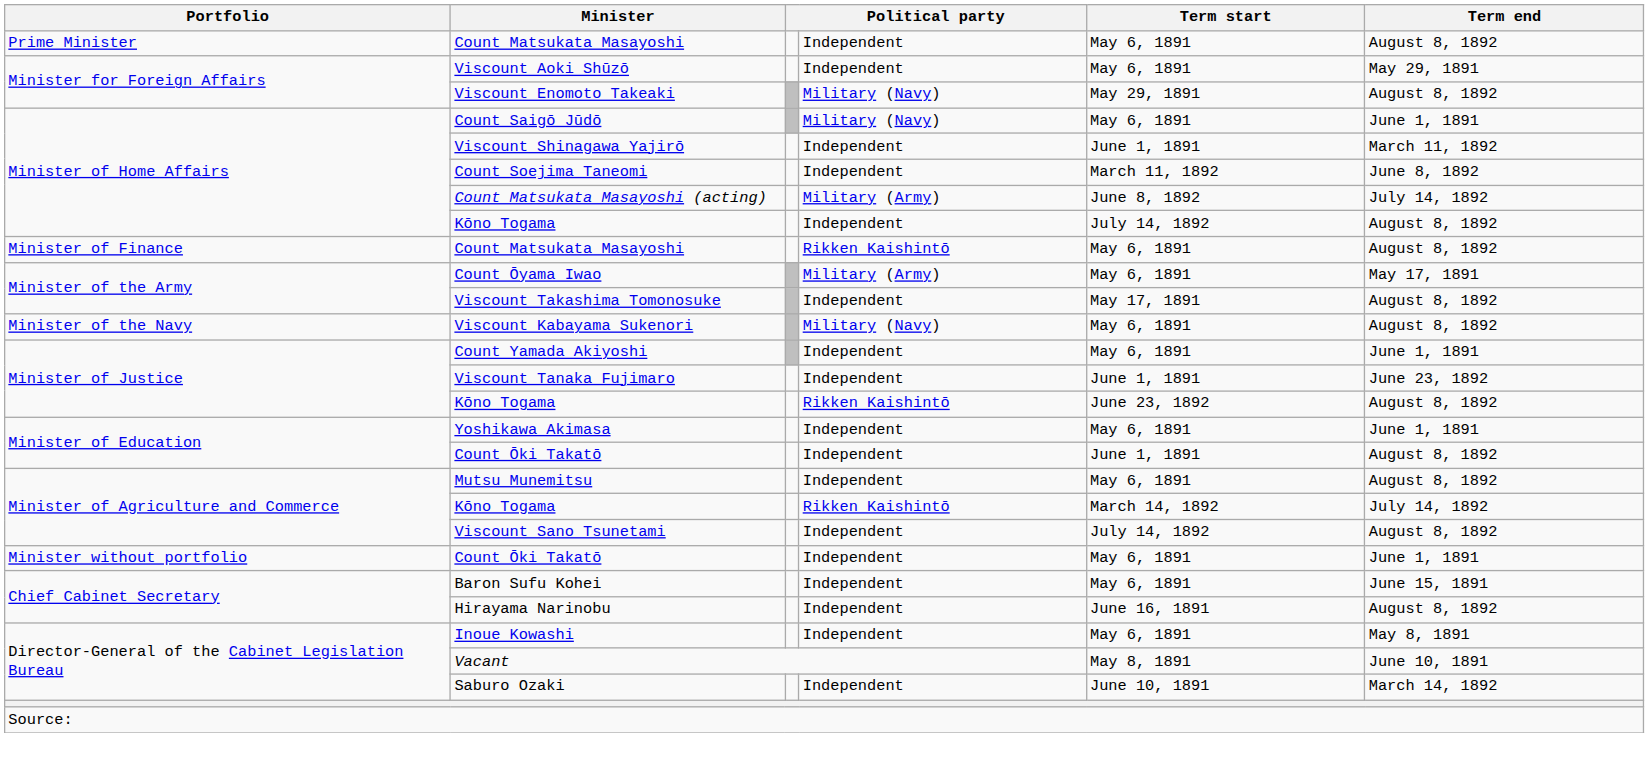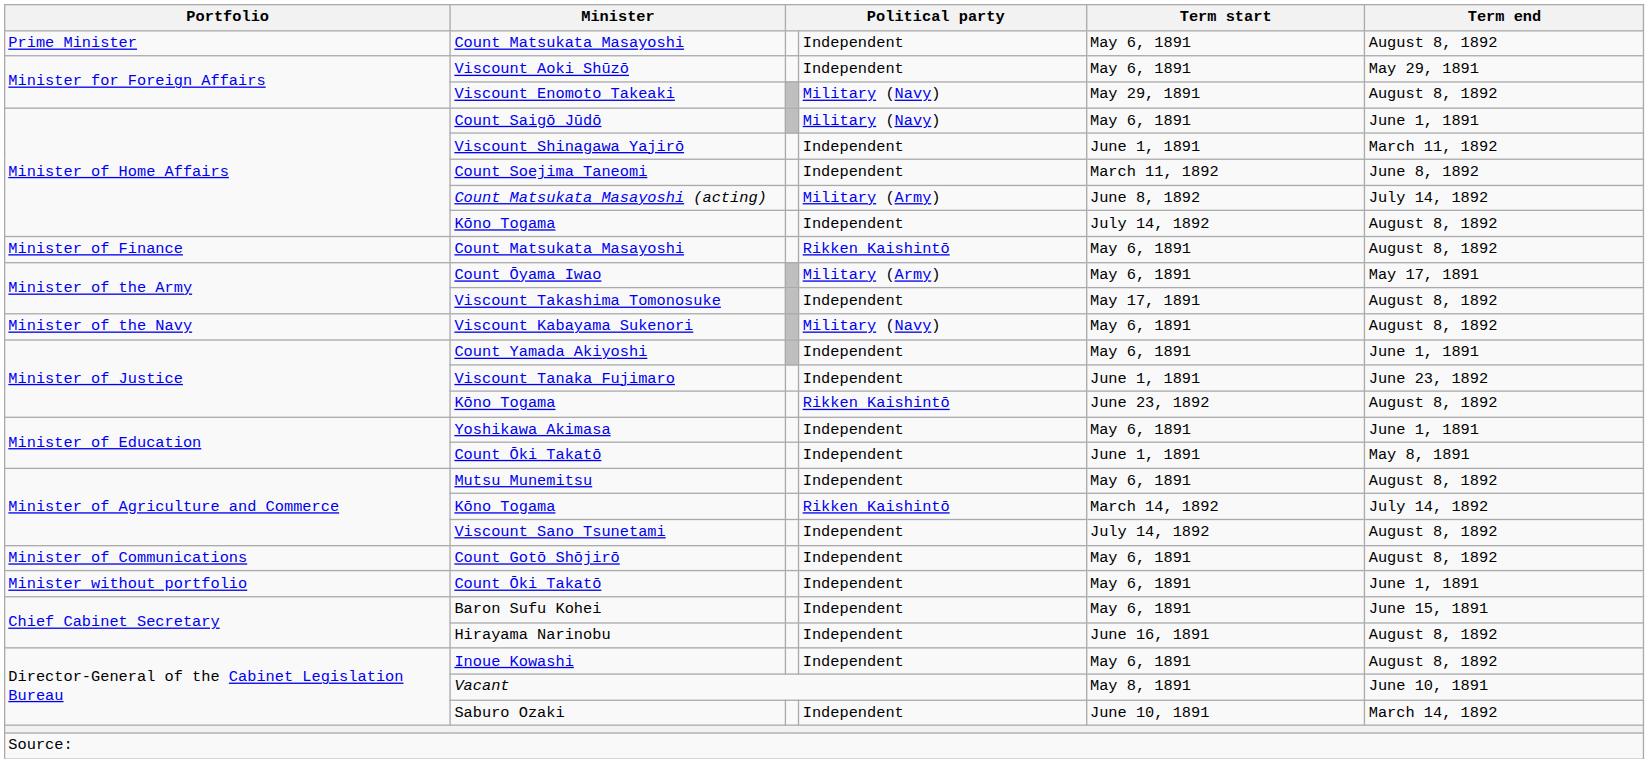 <table class="wikitable" style="font-size: 90%;">
 <tr>
 <th width="20%" scope="col">Portfolio</th>
 <th width="15%" scope="col">Minister</th>
 <th colspan="2" width="13.5%" scope="col">Political party</th>
 <th width="12.5%" scope="col">Term start</th>
 <th width="12.5%" scope="col">Term end</th>
 </tr>
 <tr>
 <td style="text-align: left;"><a href='#'>Prime Minister</a></td>
 <td><a href='#'>Count Matsukata Masayoshi</a></td>
 <td style="color:inherit;background:"></td>
 <td>Independent</td>
 <td>May 6, 1891</td>
 <td>August 8, 1892</td>
 </tr>
 <tr>
 <td rowspan="2"><a href='#'>Minister for Foreign Affairs</a></td>
 <td><a href='#'>Viscount Aoki Shūzō</a></td>
 <td style="color:inherit;background:"></td>
 <td>Independent</td>
 <td>May 6, 1891</td>
 <td>May 29, 1891</td>
 </tr>
 <tr>
 <td><a href='#'>Viscount Enomoto Takeaki</a></td>
 <td style="color:inherit;background:#bfbfbf"></td>
 <td><a href='#'>Military</a> (<a href='#'>Navy</a>)</td>
 <td>May 29, 1891</td>
 <td>August 8, 1892</td>
 </tr>
 <tr>
 <td rowspan="5"><a href='#'>Minister of Home Affairs</a></td>
 <td><a href='#'>Count Saigō Jūdō</a></td>
 <td style="color:inherit;background:#bfbfbf"></td>
 <td><a href='#'>Military</a> (<a href='#'>Navy</a>)</td>
 <td>May 6, 1891</td>
 <td>June 1, 1891</td>
 </tr>
 <tr>
 <td><a href='#'>Viscount Shinagawa Yajirō</a></td>
 <td style="color:inherit;background:"></td>
 <td>Independent</td>
 <td>June 1, 1891</td>
 <td>March 11, 1892</td>
 </tr>
 <tr>
 <td><a href='#'>Count Soejima Taneomi</a></td>
 <td style="color:inherit;background:"></td>
 <td>Independent</td>
 <td>March 11, 1892</td>
 <td>June 8, 1892</td>
 </tr>
 <tr>
 <td><em><a href='#'>Count Matsukata Masayoshi</a> (acting)</em></td>
 <td style="color:inherit;background:"></td>
 <td><a href='#'>Military</a> (<a href='#'>Army</a>)</td>
 <td>June 8, 1892</td>
 <td>July 14, 1892</td>
 </tr>
 <tr>
 <td><a href='#'>Kōno Togama</a></td>
 <td style="color:inherit;background:"></td>
 <td>Independent</td>
 <td>July 14, 1892</td>
 <td>August 8, 1892</td>
 </tr>
 <tr>
 <td><a href='#'>Minister of Finance</a></td>
 <td><a href='#'>Count Matsukata Masayoshi</a></td>
 <td style="color:inherit;background:"></td>
 <td><a href='#'>Rikken Kaishintō</a></td>
 <td>May 6, 1891</td>
 <td>August 8, 1892</td>
 </tr>
 <tr>
 <td rowspan="2"><a href='#'>Minister of the Army</a></td>
 <td><a href='#'>Count Ōyama Iwao</a></td>
 <td style="color:inherit;background:#bfbfbf"></td>
 <td><a href='#'>Military</a> (<a href='#'>Army</a>)</td>
 <td>May 6, 1891</td>
 <td>May 17, 1891</td>
 </tr>
 <tr>
 <td><a href='#'>Viscount Takashima Tomonosuke</a></td>
 <td style="color:inherit;background:#bfbfbf"></td>
 <td>Independent</td>
 <td>May 17, 1891</td>
 <td>August 8, 1892</td>
 </tr>
 <tr>
 <td><a href='#'>Minister of the Navy</a></td>
 <td><a href='#'>Viscount Kabayama Sukenori</a></td>
 <td style="color:inherit;background:#bfbfbf"></td>
 <td><a href='#'>Military</a> (<a href='#'>Navy</a>)</td>
 <td>May 6, 1891</td>
 <td>August 8, 1892</td>
 </tr>
 <tr>
 <td rowspan="3"><a href='#'>Minister of Justice</a></td>
 <td><a href='#'>Count Yamada Akiyoshi</a></td>
 <td style="color:inherit;background:#bfbfbf"></td>
 <td>Independent</td>
 <td>May 6, 1891</td>
 <td>June 1, 1891</td>
 </tr>
 <tr>
 <td><a href='#'>Viscount Tanaka Fujimaro</a></td>
 <td style="color:inherit;background:"></td>
 <td>Independent</td>
 <td>June 1, 1891</td>
 <td>June 23, 1892</td>
 </tr>
 <tr>
 <td><a href='#'>Kōno Togama</a></td>
 <td style="color:inherit;background:"></td>
 <td><a href='#'>Rikken Kaishintō</a></td>
 <td>June 23, 1892</td>
 <td>August 8, 1892</td>
 </tr>
 <tr>
 <td rowspan="2"><a href='#'>Minister of Education</a></td>
 <td><a href='#'>Yoshikawa Akimasa</a></td>
 <td style="color:inherit;background:"></td>
 <td>Independent</td>
 <td>May 6, 1891</td>
 <td>June 1, 1891</td>
 </tr>
 <tr>
 <td><a href='#'>Count Ōki Takatō</a></td>
 <td style="color:inherit;background:"></td>
 <td>Independent</td>
 <td>June 1, 1891</td>
-<td>August 8, 1892</td>
+<td>May 8, 1891</td>
 </tr>
 <tr>
 <td rowspan="3"><a href='#'>Minister of Agriculture and Commerce</a></td>
 <td><a href='#'>Mutsu Munemitsu</a></td>
 <td style="color:inherit;background:"></td>
 <td>Independent</td>
 <td>May 6, 1891</td>
 <td>August 8, 1892</td>
 </tr>
 <tr>
 <td><a href='#'>Kōno Togama</a></td>
 <td style="color:inherit;background:"></td>
 <td><a href='#'>Rikken Kaishintō</a></td>
 <td>March 14, 1892</td>
 <td>July 14, 1892</td>
 </tr>
 <tr>
 <td><a href='#'>Viscount Sano Tsunetami</a></td>
 <td style="color:inherit;background:"></td>
 <td>Independent</td>
 <td>July 14, 1892</td>
+<td>August 8, 1892</td>
+</tr>
+<tr>
+<td><a href='#'>Minister of Communications</a></td>
+<td><a href='#'>Count Gotō Shōjirō</a></td>
+<td style="color:inherit;background:"></td>
+<td>Independent</td>
+<td>May 6, 1891</td>
 <td>August 8, 1892</td>
 </tr>
 <tr>
 <td><a href='#'>Minister without portfolio</a></td>
 <td><a href='#'>Count Ōki Takatō</a></td>
 <td style="color:inherit;background:"></td>
 <td>Independent</td>
 <td>May 6, 1891</td>
 <td>June 1, 1891</td>
 </tr>
 <tr>
 <td rowspan="2"><a href='#'>Chief Cabinet Secretary</a></td>
 <td>Baron Sufu Kohei</td>
 <td style="color:inherit;background:"></td>
 <td>Independent</td>
 <td>May 6, 1891</td>
 <td>June 15, 1891</td>
 </tr>
 <tr>
 <td>Hirayama Narinobu</td>
 <td style="color:inherit;background:"></td>
 <td>Independent</td>
 <td>June 16, 1891</td>
 <td>August 8, 1892</td>
 </tr>
 <tr>
 <td rowspan="3">Director-General of the <a href='#'>Cabinet Legislation Bureau</a></td>
 <td><a href='#'>Inoue Kowashi</a></td>
 <td style="color:inherit;background:"></td>
 <td>Independent</td>
 <td>May 6, 1891</td>
-<td>May 8, 1891</td>
+<td>August 8, 1892</td>
 </tr>
 <tr>
 <td colspan="3"><em>Vacant</em></td>
 <td>May 8, 1891</td>
 <td>June 10, 1891</td>
 </tr>
 <tr>
 <td>Saburo Ozaki</td>
 <td style="color:inherit;background:"></td>
 <td>Independent</td>
 <td>June 10, 1891</td>
 <td>March 14, 1892</td>
 </tr>
 <tr>
 <th colspan="6"></th>
 </tr>
 <tr>
 <td colspan="6">Source:</td>
 </tr>
 </table>
